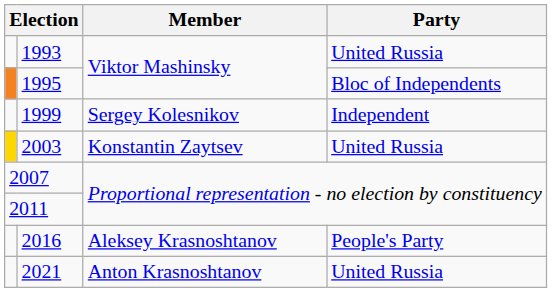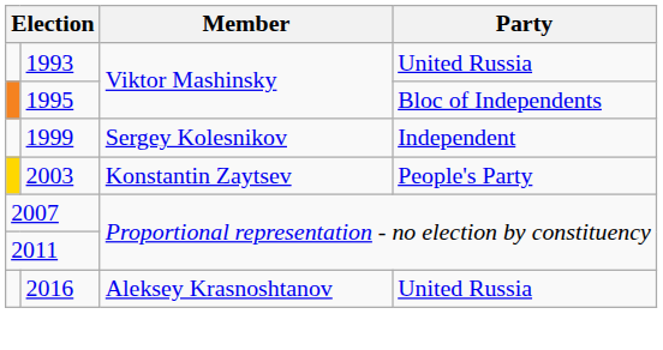 <table class="wikitable">
 <tr>
 <th colspan="2">Election</th>
 <th>Member</th>
 <th>Party</th>
 </tr>
 <tr>
 <td style="background-color:"></td>
 <td><a href='#'>1993</a></td>
 <td rowspan=2><a href='#'>Viktor Mashinsky</a></td>
 <td><a href='#'>United Russia</a></td>
 </tr>
 <tr>
 <td style="background-color:#F5821F"></td>
 <td><a href='#'>1995</a></td>
 <td><a href='#'>Bloc of Independents</a></td>
 </tr>
 <tr>
 <td style="background-color:"></td>
 <td><a href='#'>1999</a></td>
 <td><a href='#'>Sergey Kolesnikov</a></td>
 <td><a href='#'>Independent</a></td>
 </tr>
 <tr>
 <td style="background-color:#FFD700"></td>
 <td><a href='#'>2003</a></td>
 <td><a href='#'>Konstantin Zaytsev</a></td>
-<td><a href='#'>United Russia</a></td>
+<td><a href='#'>People's Party</a></td>
 </tr>
 <tr>
 <td colspan=2><a href='#'>2007</a></td>
 <td colspan=2 rowspan=2><em><a href='#'>Proportional representation</a> - no election by constituency</em></td>
 </tr>
 <tr>
 <td colspan=2><a href='#'>2011</a></td>
 </tr>
 <tr>
 <td style="background-color:"></td>
 <td><a href='#'>2016</a></td>
 <td><a href='#'>Aleksey Krasnoshtanov</a></td>
-<td><a href='#'>People's Party</a></td>
-</tr>
-<tr>
-<td style="background-color:"></td>
-<td><a href='#'>2021</a></td>
-<td><a href='#'>Anton Krasnoshtanov</a></td>
 <td><a href='#'>United Russia</a></td>
 </tr>
 </table>
